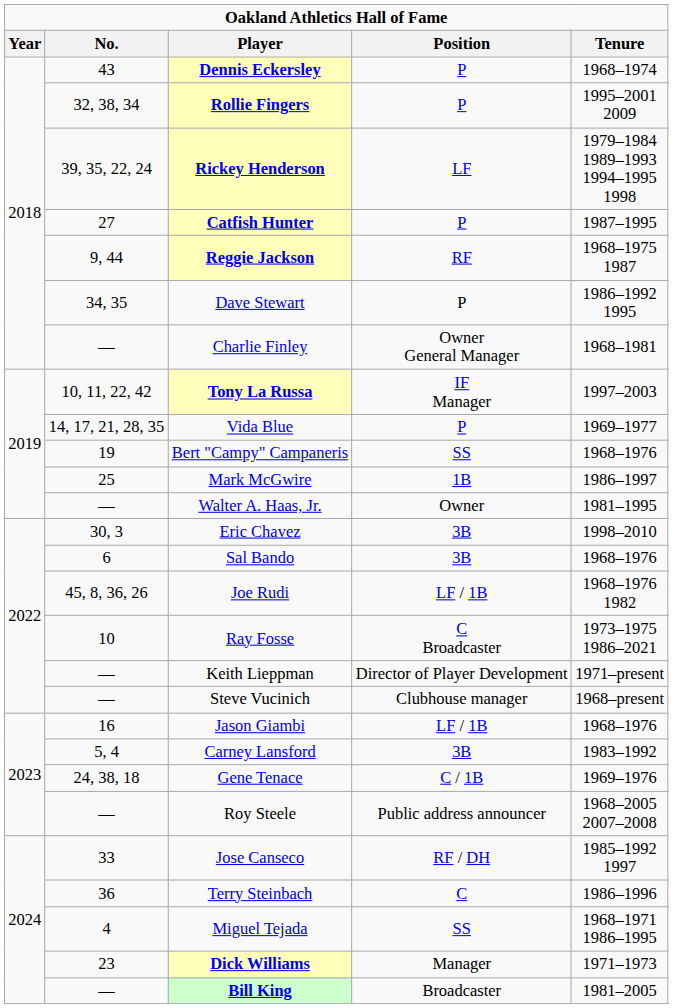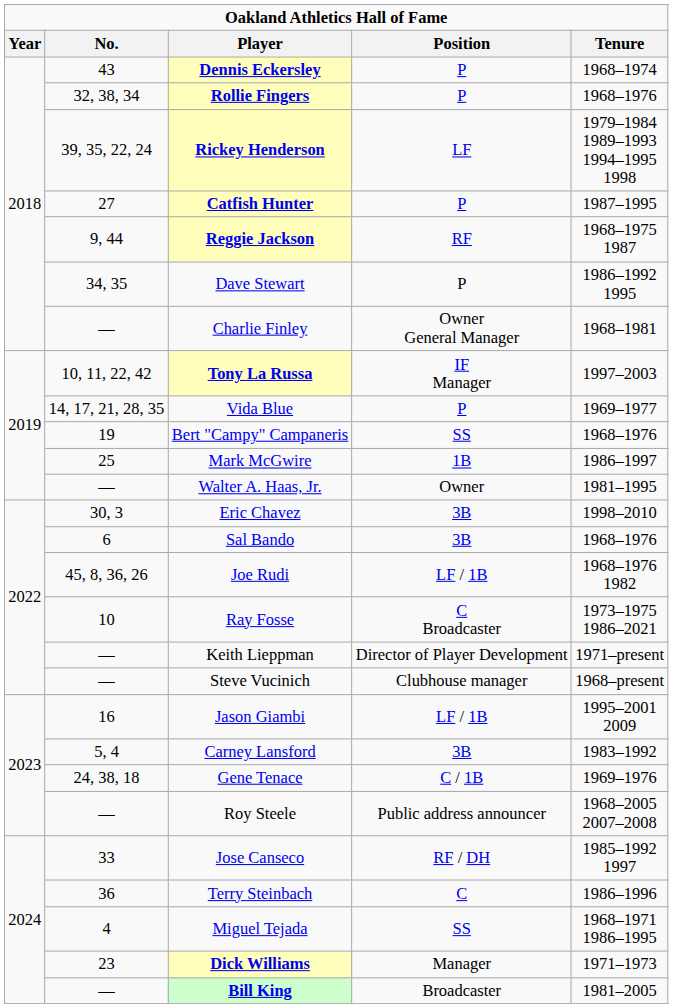 <table class="wikitable" style="text-align:center">
 <tr>
 <td colspan="5"><strong>Oakland Athletics Hall of Fame</strong></td>
 </tr>
 <tr>
 <th>Year</th>
 <th>No.</th>
 <th>Player</th>
 <th>Position</th>
 <th>Tenure</th>
 </tr>
 <tr>
 <td rowspan=7>2018</td>
 <td>43</td>
 <td style="background:#ffb;"><strong><a href='#'>Dennis Eckersley</a></strong></td>
 <td><a href='#'>P</a></td>
 <td>1968–1974</td>
 </tr>
 <tr>
 <td>32, 38, 34</td>
 <td style="background:#ffb;"><strong><a href='#'>Rollie Fingers</a></strong></td>
 <td><a href='#'>P</a></td>
-<td>1995–2001<br>2009</td>
+<td>1968–1976</td>
 </tr>
 <tr>
 <td>39, 35, 22, 24</td>
 <td style="background:#ffb;"><strong><a href='#'>Rickey Henderson</a></strong></td>
 <td><a href='#'>LF</a></td>
 <td>1979–1984<br>1989–1993<br>1994–1995<br>1998</td>
 </tr>
 <tr>
 <td>27</td>
 <td style="background:#ffb;"><strong><a href='#'>Catfish Hunter</a></strong></td>
 <td><a href='#'>P</a></td>
 <td>1987–1995</td>
 </tr>
 <tr>
 <td>9, 44</td>
 <td style="background:#ffb;"><strong><a href='#'>Reggie Jackson</a></strong></td>
 <td><a href='#'>RF</a></td>
 <td>1968–1975<br>1987</td>
 </tr>
 <tr>
 <td>34, 35</td>
 <td><a href='#'>Dave Stewart</a></td>
 <td>P</td>
 <td>1986–1992<br>1995</td>
 </tr>
 <tr>
 <td>—</td>
 <td><a href='#'>Charlie Finley</a></td>
 <td>Owner<br>General Manager</td>
 <td>1968–1981</td>
 </tr>
 <tr>
 <td rowspan=5>2019</td>
 <td>10, 11, 22, 42</td>
 <td style="background:#ffb;"><strong><a href='#'>Tony La Russa</a></strong></td>
 <td><a href='#'>IF</a><br>Manager</td>
 <td>1997–2003</td>
 </tr>
 <tr>
 <td>14, 17, 21, 28, 35</td>
 <td><a href='#'>Vida Blue</a></td>
 <td><a href='#'>P</a></td>
 <td>1969–1977</td>
 </tr>
 <tr>
 <td>19</td>
 <td><a href='#'>Bert "Campy" Campaneris</a></td>
 <td><a href='#'>SS</a></td>
 <td>1968–1976</td>
 </tr>
 <tr>
 <td>25</td>
 <td><a href='#'>Mark McGwire</a></td>
 <td><a href='#'>1B</a></td>
 <td>1986–1997</td>
 </tr>
 <tr>
 <td>—</td>
 <td><a href='#'>Walter A. Haas, Jr.</a></td>
 <td>Owner</td>
 <td>1981–1995</td>
 </tr>
 <tr>
 <td rowspan=6>2022</td>
 <td>30, 3</td>
 <td><a href='#'>Eric Chavez</a></td>
 <td><a href='#'>3B</a></td>
 <td>1998–2010</td>
 </tr>
 <tr>
 <td>6</td>
 <td><a href='#'>Sal Bando</a></td>
 <td><a href='#'>3B</a></td>
 <td>1968–1976</td>
 </tr>
 <tr>
 <td>45, 8, 36, 26</td>
 <td><a href='#'>Joe Rudi</a></td>
 <td><a href='#'>LF</a> / <a href='#'>1B</a></td>
 <td>1968–1976<br>1982</td>
 </tr>
 <tr>
 <td>10</td>
 <td><a href='#'>Ray Fosse</a></td>
 <td><a href='#'>C</a><br>Broadcaster</td>
 <td>1973–1975<br>1986–2021</td>
 </tr>
 <tr>
 <td>—</td>
 <td>Keith Lieppman</td>
 <td>Director of Player Development</td>
 <td>1971–present</td>
 </tr>
 <tr>
 <td>—</td>
 <td>Steve Vucinich</td>
 <td>Clubhouse manager</td>
 <td>1968–present</td>
 </tr>
 <tr>
 <td rowspan="4">2023</td>
 <td>16</td>
 <td><a href='#'>Jason Giambi</a></td>
 <td><a href='#'>LF</a> / <a href='#'>1B</a></td>
-<td>1968–1976</td>
+<td>1995–2001<br>2009</td>
 </tr>
 <tr>
 <td>5, 4</td>
 <td><a href='#'>Carney Lansford</a></td>
 <td><a href='#'>3B</a></td>
 <td>1983–1992</td>
 </tr>
 <tr>
 <td>24, 38, 18</td>
 <td><a href='#'>Gene Tenace</a></td>
 <td><a href='#'>C</a> / <a href='#'>1B</a></td>
 <td>1969–1976</td>
 </tr>
 <tr>
 <td>—</td>
 <td>Roy Steele</td>
 <td>Public address announcer</td>
 <td>1968–2005<br>2007–2008</td>
 </tr>
 <tr>
 <td rowspan="5">2024</td>
 <td>33</td>
 <td><a href='#'>Jose Canseco</a></td>
 <td><a href='#'>RF</a> / <a href='#'>DH</a></td>
 <td>1985–1992<br>1997</td>
 </tr>
 <tr>
 <td>36</td>
 <td><a href='#'>Terry Steinbach</a></td>
 <td><a href='#'>C</a></td>
 <td>1986–1996</td>
 </tr>
 <tr>
 <td>4</td>
 <td><a href='#'>Miguel Tejada</a></td>
 <td><a href='#'>SS</a></td>
 <td>1968–1971<br>1986–1995</td>
 </tr>
 <tr>
 <td>23</td>
 <td style="background:#ffb;"><strong><a href='#'>Dick Williams</a></strong></td>
 <td>Manager</td>
 <td>1971–1973</td>
 </tr>
 <tr>
 <td>—</td>
 <td style="background:#cfc;"><strong><a href='#'>Bill King</a></strong></td>
 <td>Broadcaster</td>
 <td>1981–2005</td>
 </tr>
 </table>
